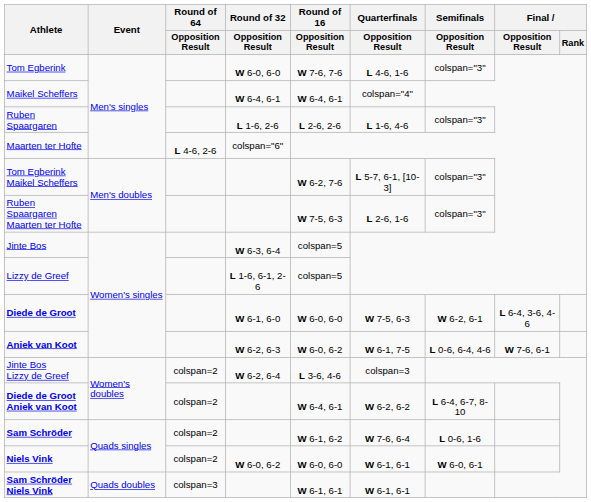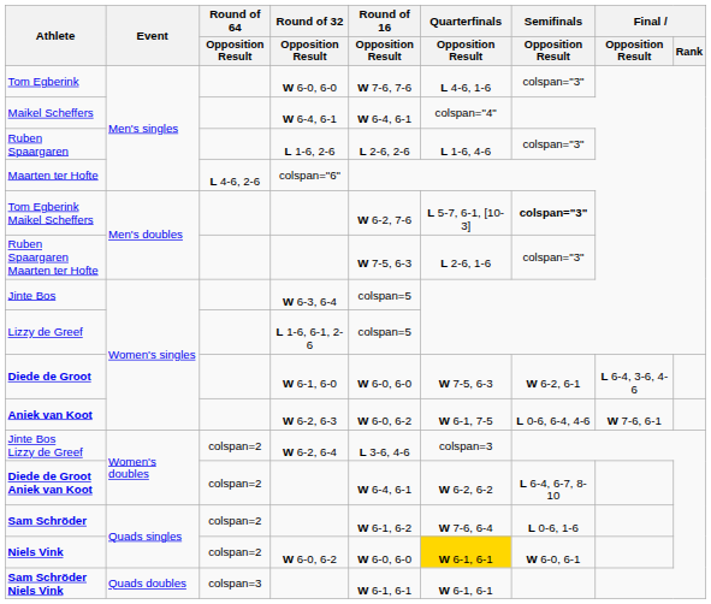 <table class="wikitable" style="font-size:90%;">
 <tr>
 <th rowspan=2>Athlete</th>
 <th rowspan=2>Event</th>
 <th>Round of 64</th>
 <th>Round of 32</th>
 <th>Round of 16</th>
 <th>Quarterfinals</th>
 <th>Semifinals</th>
 <th colspan=2>Final / </th>
 </tr>
 <tr style="font-size:95%">
 <th>Opposition<br>Result</th>
 <th>Opposition<br>Result</th>
 <th>Opposition<br>Result</th>
 <th>Opposition<br>Result</th>
 <th>Opposition<br>Result</th>
 <th>Opposition<br>Result</th>
 <th>Rank</th>
 </tr>
 <tr align=center>
 <td align=left><a href='#'>Tom Egberink</a></td>
 <td align=left rowspan=4><a href='#'>Men's singles</a></td>
 <td></td>
 <td><br><strong>W</strong> 6-0, 6-0</td>
 <td><br><strong>W</strong> 7-6, 7-6</td>
 <td><br><strong>L</strong> 4-6, 1-6</td>
 <td>colspan="3" </td>
 </tr>
 <tr align=center>
 <td align=left><a href='#'>Maikel Scheffers</a></td>
 <td></td>
 <td><br><strong>W</strong> 6-4, 6-1</td>
 <td><br><strong>W</strong> 6-4, 6-1</td>
 <td>colspan="4" </td>
 </tr>
 <tr align=center>
 <td align=left><a href='#'>Ruben Spaargaren</a></td>
 <td></td>
 <td><br><strong>L</strong> 1-6, 2-6</td>
 <td><br><strong>L</strong> 2-6, 2-6</td>
 <td><br><strong>L</strong> 1-6, 4-6</td>
 <td>colspan="3" </td>
 </tr>
 <tr align=center>
 <td align=left><a href='#'>Maarten ter Hofte</a></td>
 <td><br><strong>L</strong> 4-6, 2-6</td>
 <td>colspan="6" </td>
 </tr>
 <tr align=center>
 <td align=left><a href='#'>Tom Egberink</a><br><a href='#'>Maikel Scheffers</a></td>
 <td align=left rowspan=2><a href='#'>Men's doubles</a></td>
 <td></td>
 <td></td>
 <td><br><strong>W</strong> 6-2, 7-6</td>
 <td><br><strong>L</strong> 5-7, 6-1, [10-3]</td>
-<td>colspan="3" </td>
+<td><strong>colspan="3" </strong></td>
 </tr>
 <tr align=center>
 <td align=left><a href='#'>Ruben Spaargaren</a><br><a href='#'>Maarten ter Hofte</a></td>
 <td></td>
 <td></td>
 <td><br><strong>W</strong> 7-5, 6-3</td>
 <td><br><strong>L</strong> 2-6, 1-6</td>
 <td>colspan="3" </td>
 </tr>
 <tr align=center>
 <td align=left><a href='#'>Jinte Bos</a></td>
 <td align=left rowspan=4><a href='#'>Women's singles</a></td>
 <td></td>
 <td><br><strong>W</strong> 6-3, 6-4</td>
 <td>colspan=5 </td>
 </tr>
 <tr align=center>
 <td align=left><a href='#'>Lizzy de Greef</a></td>
 <td></td>
 <td><br><strong>L</strong> 1-6, 6-1, 2-6</td>
 <td>colspan=5 </td>
 </tr>
 <tr align=center>
 <td align=left><strong><a href='#'>Diede de Groot</a></strong></td>
 <td></td>
 <td><br><strong>W</strong> 6-1, 6-0</td>
 <td><br><strong>W</strong> 6-0, 6-0</td>
 <td><br><strong>W</strong> 7-5, 6-3</td>
 <td><br><strong>W</strong> 6-2, 6-1</td>
 <td><br><strong>L</strong> 6-4, 3-6, 4-6</td>
 <td></td>
 </tr>
 <tr align=center>
 <td align=left><strong><a href='#'>Aniek van Koot</a></strong></td>
 <td></td>
 <td><br><strong>W</strong> 6-2, 6-3</td>
 <td><br><strong>W</strong> 6-0, 6-2</td>
 <td><br><strong>W</strong> 6-1, 7-5</td>
 <td><br><strong>L</strong> 0-6, 6-4, 4-6</td>
 <td><br><strong>W</strong> 7-6, 6-1</td>
 <td></td>
 </tr>
 <tr align=center>
 <td align=left><a href='#'>Jinte Bos</a><br><a href='#'>Lizzy de Greef</a></td>
 <td align=left rowspan=2><a href='#'>Women's doubles</a></td>
 <td>colspan=2</td>
 <td><br><strong>W</strong> 6-2, 6-4</td>
 <td><br><strong>L</strong> 3-6, 4-6</td>
 <td>colspan=3 </td>
 </tr>
 <tr align=center>
 <td align=left><strong><a href='#'>Diede de Groot</a><br><a href='#'>Aniek van Koot</a></strong></td>
 <td>colspan=2</td>
 <td></td>
 <td><br><strong>W</strong> 6-4, 6-1</td>
 <td><br><strong>W</strong> 6-2, 6-2</td>
 <td><br><strong>L</strong> 6-4, 6-7, 8-10</td>
 <td></td>
 </tr>
 <tr align=center>
 <td align=left><strong><a href='#'>Sam Schröder</a></strong></td>
 <td align=left rowspan=2><a href='#'>Quads singles</a></td>
 <td>colspan=2</td>
 <td></td>
 <td><br><strong>W</strong> 6-1, 6-2</td>
 <td><br><strong>W</strong> 7-6, 6-4</td>
 <td><br><strong>L</strong> 0-6, 1-6</td>
 <td></td>
 </tr>
 <tr align=center>
 <td align=left><strong><a href='#'>Niels Vink</a></strong></td>
 <td>colspan=2</td>
 <td><br><strong>W</strong> 6-0, 6-2</td>
 <td><br><strong>W</strong> 6-0, 6-0</td>
-<td><br><strong>W</strong> 6-1, 6-1</td>
+<td style="background: gold;"><br><strong>W</strong> 6-1, 6-1</td>
 <td><br><strong>W</strong> 6-0, 6-1</td>
 <td></td>
 </tr>
 <tr align=center>
 <td align=left><strong><a href='#'>Sam Schröder</a><br><a href='#'>Niels Vink</a></strong></td>
 <td align=left><a href='#'>Quads doubles</a></td>
 <td>colspan=3</td>
 <td></td>
 <td><br><strong>W</strong> 6-1, 6-1</td>
 <td><br><strong>W</strong> 6-1, 6-1</td>
 <td></td>
 </tr>
 </table>
